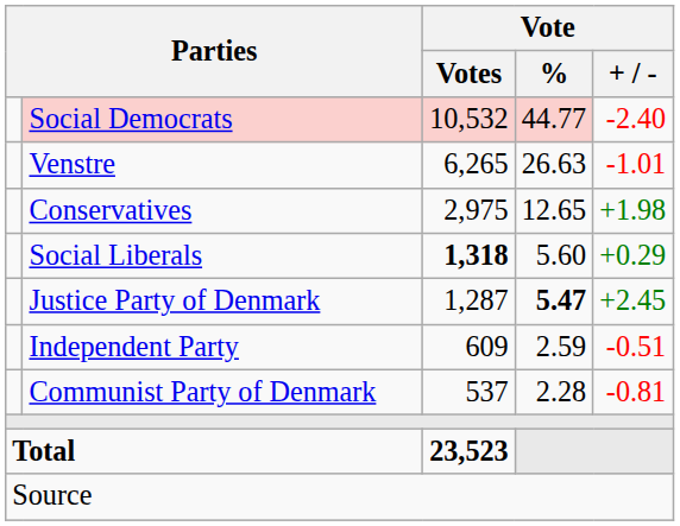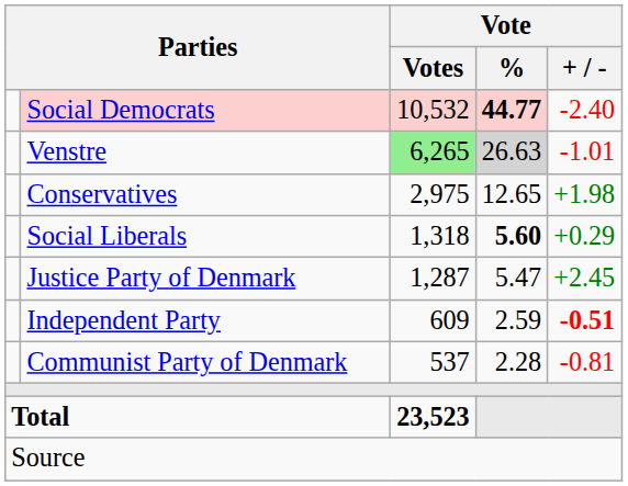 <table class="wikitable" style="text-align:right;">
 <tr>
 <th style="text-align:centre;" rowspan="2" colspan="2" width="225">Parties</th>
 <th colspan="3">Vote</th>
 </tr>
 <tr>
 <th width="15">Votes</th>
 <th width="15">%</th>
 <th width="15">+ / -</th>
 </tr>
 <tr>
 <td width="2" style="color:inherit;background:"></td>
 <td bgcolor=#fbd0ce  align="left"><a href='#'>Social Democrats</a></td>
 <td bgcolor=#fbd0ce>10,532</td>
-<td bgcolor=#fbd0ce>44.77</td>
+<td bgcolor=#fbd0ce><strong>44.77</strong></td>
 <td style=color:red;>-2.40</td>
 </tr>
 <tr>
 <td width="2" style="color:inherit;background:"></td>
 <td align="left"><a href='#'>Venstre</a></td>
-<td>6,265</td>
-<td>26.63</td>
+<td style="background: lightgreen;">6,265</td>
+<td style="background: lightgrey;">26.63</td>
 <td style=color:red;>-1.01</td>
 </tr>
 <tr>
 <td width="2" style="color:inherit;background:"></td>
 <td align="left"><a href='#'>Conservatives</a></td>
 <td>2,975</td>
 <td>12.65</td>
 <td style=color:green;>+1.98</td>
 </tr>
 <tr>
 <td width="2" style="color:inherit;background:"></td>
 <td align="left"><a href='#'>Social Liberals</a></td>
-<td><strong>1,318</strong></td>
-<td>5.60</td>
+<td>1,318</td>
+<td><strong>5.60</strong></td>
 <td style=color:green;>+0.29</td>
 </tr>
 <tr>
 <td width="2" style="color:inherit;background:"></td>
 <td align="left"><a href='#'>Justice Party of Denmark</a></td>
 <td>1,287</td>
-<td><strong>5.47</strong></td>
+<td>5.47</td>
 <td style=color:green;>+2.45</td>
 </tr>
 <tr>
 <td width="2" style="color:inherit;background:"></td>
 <td align="left"><a href='#'>Independent Party</a></td>
 <td>609</td>
 <td>2.59</td>
-<td style=color:red;>-0.51</td>
+<td style=color:red;><strong>-0.51</strong></td>
 </tr>
 <tr>
 <td width="2" style="color:inherit;background:"></td>
 <td align="left"><a href='#'>Communist Party of Denmark</a></td>
 <td>537</td>
 <td>2.28</td>
 <td style=color:red;>-0.81</td>
 </tr>
 <tr>
 <td colspan="7" bgcolor="#E9E9E9"></td>
 </tr>
 <tr>
 <td align="left" colspan="2"><strong>Total</strong></td>
 <td><strong>23,523</strong></td>
 <td bgcolor="#E9E9E9" colspan="2"></td>
 </tr>
 <tr>
 <td align="left" colspan="6">Source</td>
 </tr>
 </table>
